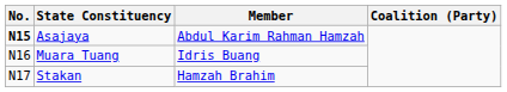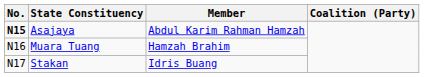 <table class="wikitable">
 <tr>
 <th>No.</th>
 <th>State Constituency</th>
 <th>Member</th>
 <th>Coalition (Party)</th>
 </tr>
 <tr>
 <td><strong>N15</strong></td>
 <td><a href='#'>Asajaya</a></td>
 <td><a href='#'>Abdul Karim Rahman Hamzah</a></td>
 <td rowspan="3"></td>
 </tr>
 <tr>
 <td>N16</td>
 <td><a href='#'>Muara Tuang</a></td>
-<td><a href='#'>Idris Buang</a></td>
+<td><a href='#'>Hamzah Brahim</a></td>
 </tr>
 <tr>
 <td>N17</td>
 <td><a href='#'>Stakan</a></td>
-<td><a href='#'>Hamzah Brahim</a></td>
+<td><a href='#'>Idris Buang</a></td>
 </tr>
 </table>
